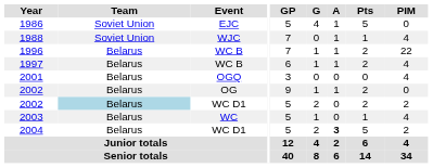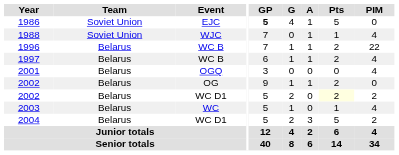 <table border="0" cellpadding="1" cellspacing="0" style="text-align:center; width:40em">
 <tr bgcolor="#e0e0e0">
 <th>Year</th>
 <th>Team</th>
 <th>Event</th>
 <th rowspan="99" bgcolor="#ffffff"></th>
 <th>GP</th>
 <th>G</th>
 <th>A</th>
 <th>Pts</th>
 <th>PIM</th>
 </tr>
 <tr>
 <td><a href='#'>1986</a></td>
 <td><a href='#'>Soviet Union</a></td>
 <td><a href='#'>EJC</a></td>
-<td>5</td>
+<td><strong>5</strong></td>
 <td>4</td>
 <td>1</td>
 <td>5</td>
 <td>0</td>
 </tr>
 <tr bgcolor="#f0f0f0">
 <td><a href='#'>1988</a></td>
 <td><a href='#'>Soviet Union</a></td>
 <td><a href='#'>WJC</a></td>
 <td>7</td>
 <td>0</td>
 <td>1</td>
 <td>1</td>
 <td>4</td>
 </tr>
 <tr>
 <td><a href='#'>1996</a></td>
 <td><a href='#'>Belarus</a></td>
 <td><a href='#'>WC B</a></td>
 <td>7</td>
 <td>1</td>
 <td>1</td>
 <td>2</td>
 <td>22</td>
 </tr>
 <tr bgcolor="#f0f0f0">
 <td><a href='#'>1997</a></td>
 <td>Belarus</td>
 <td>WC B</td>
 <td>6</td>
 <td>1</td>
 <td>1</td>
 <td>2</td>
 <td>4</td>
 </tr>
 <tr>
 <td><a href='#'>2001</a></td>
 <td>Belarus</td>
 <td><a href='#'>OGQ</a></td>
 <td>3</td>
 <td>0</td>
 <td>0</td>
 <td>0</td>
 <td>4</td>
 </tr>
 <tr bgcolor="#f0f0f0">
 <td><a href='#'>2002</a></td>
 <td>Belarus</td>
 <td>OG</td>
 <td>9</td>
 <td>1</td>
 <td>1</td>
 <td>2</td>
 <td>0</td>
 </tr>
 <tr>
 <td><a href='#'>2002</a></td>
-<td style="background: lightblue;">Belarus</td>
+<td>Belarus</td>
 <td>WC D1</td>
 <td>5</td>
 <td>2</td>
 <td>0</td>
-<td>2</td>
+<td style="background: lightyellow;">2</td>
 <td>2</td>
 </tr>
 <tr bgcolor="#f0f0f0">
 <td><a href='#'>2003</a></td>
 <td>Belarus</td>
 <td><a href='#'>WC</a></td>
 <td>5</td>
 <td>1</td>
 <td>0</td>
 <td>1</td>
 <td>4</td>
 </tr>
 <tr>
 <td><a href='#'>2004</a></td>
 <td>Belarus</td>
 <td>WC D1</td>
 <td>5</td>
 <td>2</td>
-<td><strong>3</strong></td>
+<td>3</td>
 <td>5</td>
 <td>2</td>
 </tr>
 <tr bgcolor="#e0e0e0">
 <th colspan="3">Junior totals</th>
 <th>12</th>
 <th>4</th>
 <th>2</th>
 <th>6</th>
 <th>4</th>
 </tr>
 <tr bgcolor="#e0e0e0">
 <th colspan="3">Senior totals</th>
 <th>40</th>
 <th>8</th>
 <th>6</th>
 <th>14</th>
 <th>34</th>
 </tr>
 </table>
